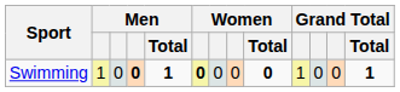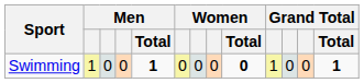 <table class="wikitable" style="font-size: 95%">
 <tr>
 <th rowspan=2>Sport</th>
 <th colspan=4>Men</th>
 <th colspan=4>Women</th>
 <th colspan=4>Grand Total</th>
 </tr>
 <tr>
 <th></th>
 <th></th>
 <th></th>
 <th>Total</th>
 <th></th>
 <th></th>
 <th></th>
 <th>Total</th>
 <th></th>
 <th></th>
 <th></th>
 <th>Total</th>
 </tr>
 <tr align=center>
 <td align=left><a href='#'>Swimming</a></td>
 <td style="background:#F7F6A8;">1</td>
 <td style="background:#DCE5E5;">0</td>
-<td style="background:#FFDAB9;"><strong>0</strong></td>
+<td style="background:#FFDAB9;">0</td>
 <td><strong>1</strong></td>
-<td style="background:#F7F6A8;"><strong>0</strong></td>
+<td style="background:#F7F6A8;">0</td>
 <td style="background:#DCE5E5;">0</td>
 <td style="background:#FFDAB9;">0</td>
 <td><strong>0</strong></td>
 <td style="background:#F7F6A8;">1</td>
 <td style="background:#DCE5E5;">0</td>
 <td style="background:#FFDAB9;">0</td>
 <td><strong>1</strong></td>
 </tr>
 </table>
